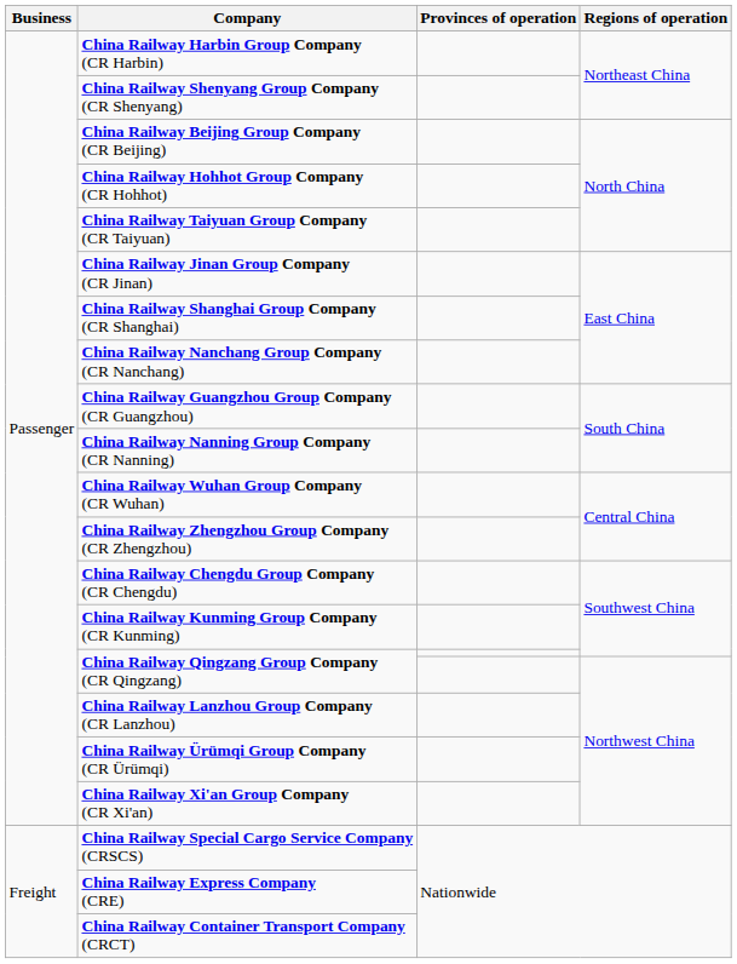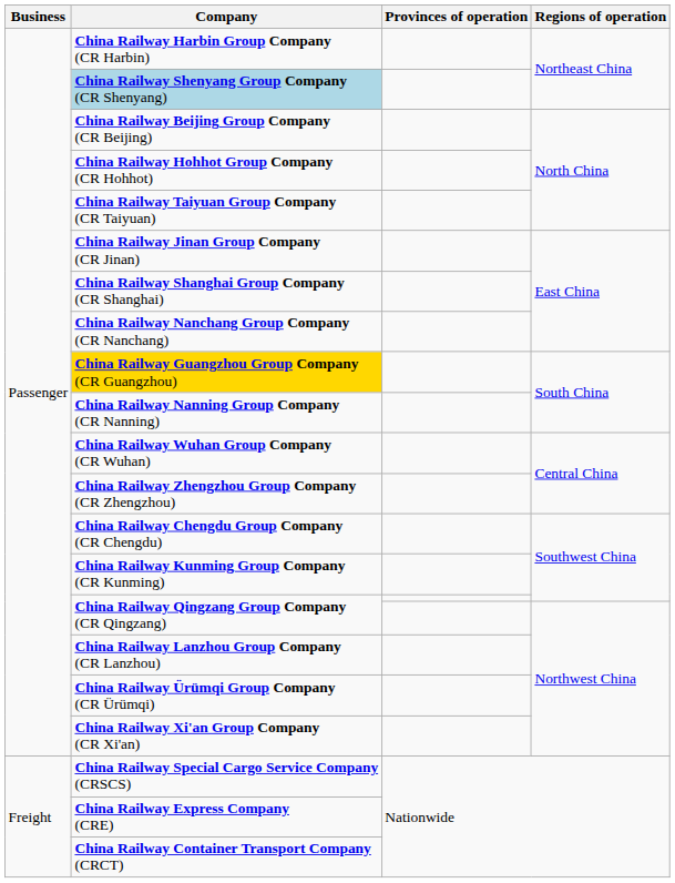 <table class="wikitable">
 <tr>
 <th>Business</th>
 <th>Company</th>
 <th>Provinces of operation</th>
 <th>Regions of operation</th>
 </tr>
 <tr>
 <td rowspan="19">Passenger</td>
 <td><strong><a href='#'>China Railway Harbin Group</a> Company</strong><br>(CR Harbin)</td>
 <td></td>
 <td rowspan="2"><a href='#'>Northeast China</a></td>
 </tr>
 <tr>
-<td><strong><a href='#'>China Railway Shenyang Group</a> Company</strong><br>(CR Shenyang)</td>
+<td style="background: lightblue;"><strong><a href='#'>China Railway Shenyang Group</a> Company</strong><br>(CR Shenyang)</td>
 <td></td>
 </tr>
 <tr>
 <td><strong><a href='#'>China Railway Beijing Group</a> Company</strong><br>(CR Beijing)</td>
 <td></td>
 <td rowspan="3"><a href='#'>North China</a></td>
 </tr>
 <tr>
 <td><strong><a href='#'>China Railway Hohhot Group</a> Company</strong><br>(CR Hohhot)</td>
 <td></td>
 </tr>
 <tr>
 <td><strong><a href='#'>China Railway Taiyuan Group</a> Company</strong><br>(CR Taiyuan)</td>
 <td></td>
 </tr>
 <tr>
 <td><strong><a href='#'>China Railway Jinan Group</a> Company</strong><br>(CR Jinan)</td>
 <td></td>
 <td rowspan="3"><a href='#'>East China</a></td>
 </tr>
 <tr>
 <td><strong><a href='#'>China Railway Shanghai Group</a> Company</strong><br>(CR Shanghai)</td>
 <td></td>
 </tr>
 <tr>
 <td><strong><a href='#'>China Railway Nanchang Group</a> Company</strong><br>(CR Nanchang)</td>
 <td></td>
 </tr>
 <tr>
-<td><strong><a href='#'>China Railway Guangzhou Group</a> Company</strong><br>(CR Guangzhou)</td>
+<td style="background: gold;"><strong><a href='#'>China Railway Guangzhou Group</a> Company</strong><br>(CR Guangzhou)</td>
 <td></td>
 <td rowspan="2"><a href='#'>South China</a></td>
 </tr>
 <tr>
 <td><strong><a href='#'>China Railway Nanning Group</a> Company</strong><br>(CR Nanning)</td>
 <td></td>
 </tr>
 <tr>
 <td><strong><a href='#'>China Railway Wuhan Group</a> Company</strong><br>(CR Wuhan)</td>
 <td></td>
 <td rowspan="2"><a href='#'>Central China</a></td>
 </tr>
 <tr>
 <td><strong><a href='#'>China Railway Zhengzhou Group</a> Company</strong><br>(CR Zhengzhou)</td>
 <td></td>
 </tr>
 <tr>
 <td><strong><a href='#'>China Railway Chengdu Group</a> Company</strong><br>(CR Chengdu)</td>
 <td></td>
 <td rowspan="3"><a href='#'>Southwest China</a></td>
 </tr>
 <tr>
 <td><strong><a href='#'>China Railway Kunming Group</a> Company</strong><br>(CR Kunming)</td>
 <td></td>
 </tr>
 <tr>
 <td rowspan="2"><strong><a href='#'>China Railway Qingzang Group</a> Company</strong><br>(CR Qingzang)</td>
 <td></td>
 </tr>
 <tr>
 <td></td>
 <td rowspan="4"><a href='#'>Northwest China</a></td>
 </tr>
 <tr>
 <td><strong><a href='#'>China Railway Lanzhou Group</a> Company</strong><br>(CR Lanzhou)</td>
 <td></td>
 </tr>
 <tr>
 <td><strong><a href='#'>China Railway Ürümqi Group</a> Company</strong><br>(CR Ürümqi)</td>
 <td></td>
 </tr>
 <tr>
 <td><strong><a href='#'>China Railway Xi'an Group</a> Company</strong><br>(CR Xi'an)</td>
 <td></td>
 </tr>
 <tr>
 <td rowspan="3">Freight</td>
 <td><strong><a href='#'>China Railway Special Cargo Service Company</a></strong><br>(CRSCS)</td>
 <td rowspan="3" colspan="2">Nationwide</td>
 </tr>
 <tr>
 <td><strong><a href='#'>China Railway Express Company</a></strong><br>(CRE)</td>
 </tr>
 <tr>
 <td><strong><a href='#'>China Railway Container Transport Company</a></strong><br>(CRCT)</td>
 </tr>
 </table>
